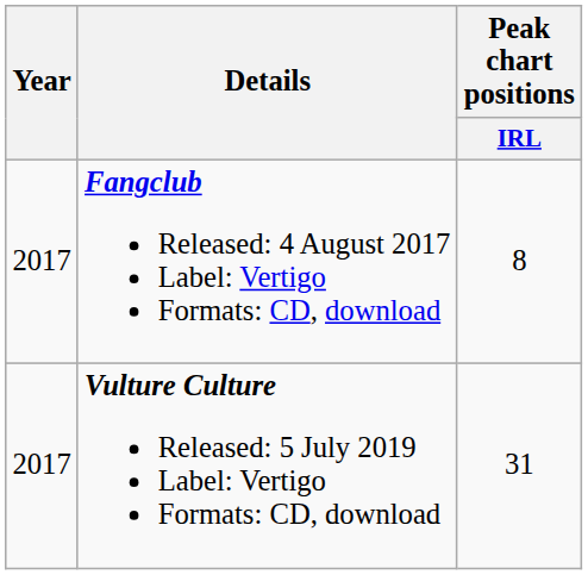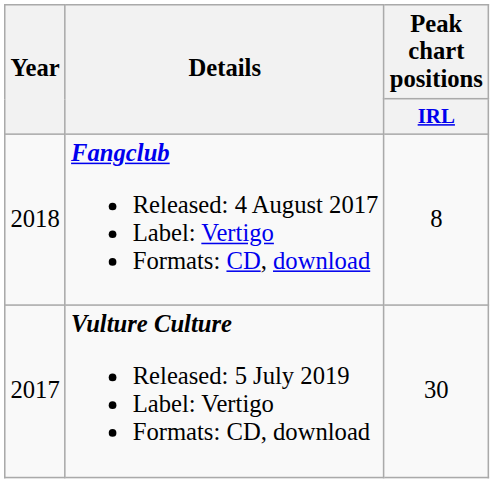 <table class="wikitable" style=text-align:center;>
 <tr>
 <th rowspan="2">Year</th>
 <th rowspan="2">Details</th>
 <th colspan="1">Peak chart positions</th>
 </tr>
 <tr>
 <th style="width:3em;font-size:85%"><a href='#'>IRL</a><br></th>
 </tr>
 <tr>
-<td>2017</td>
+<td>2018</td>
 <td align="left"><strong><em><a href='#'>Fangclub</a></em></strong><br><ul><li>Released: 4 August 2017</li><li>Label: <a href='#'>Vertigo</a></li><li>Formats: <a href='#'>CD</a>, <a href='#'>download</a></li></ul></td>
 <td>8</td>
 </tr>
 <tr>
 <td>2017</td>
 <td align="left"><strong><em>Vulture Culture</em></strong><br><ul><li>Released: 5 July 2019</li><li>Label: Vertigo</li><li>Formats: CD, download</li></ul></td>
-<td>31<br></td>
+<td>30<br></td>
 </tr>
 </table>
